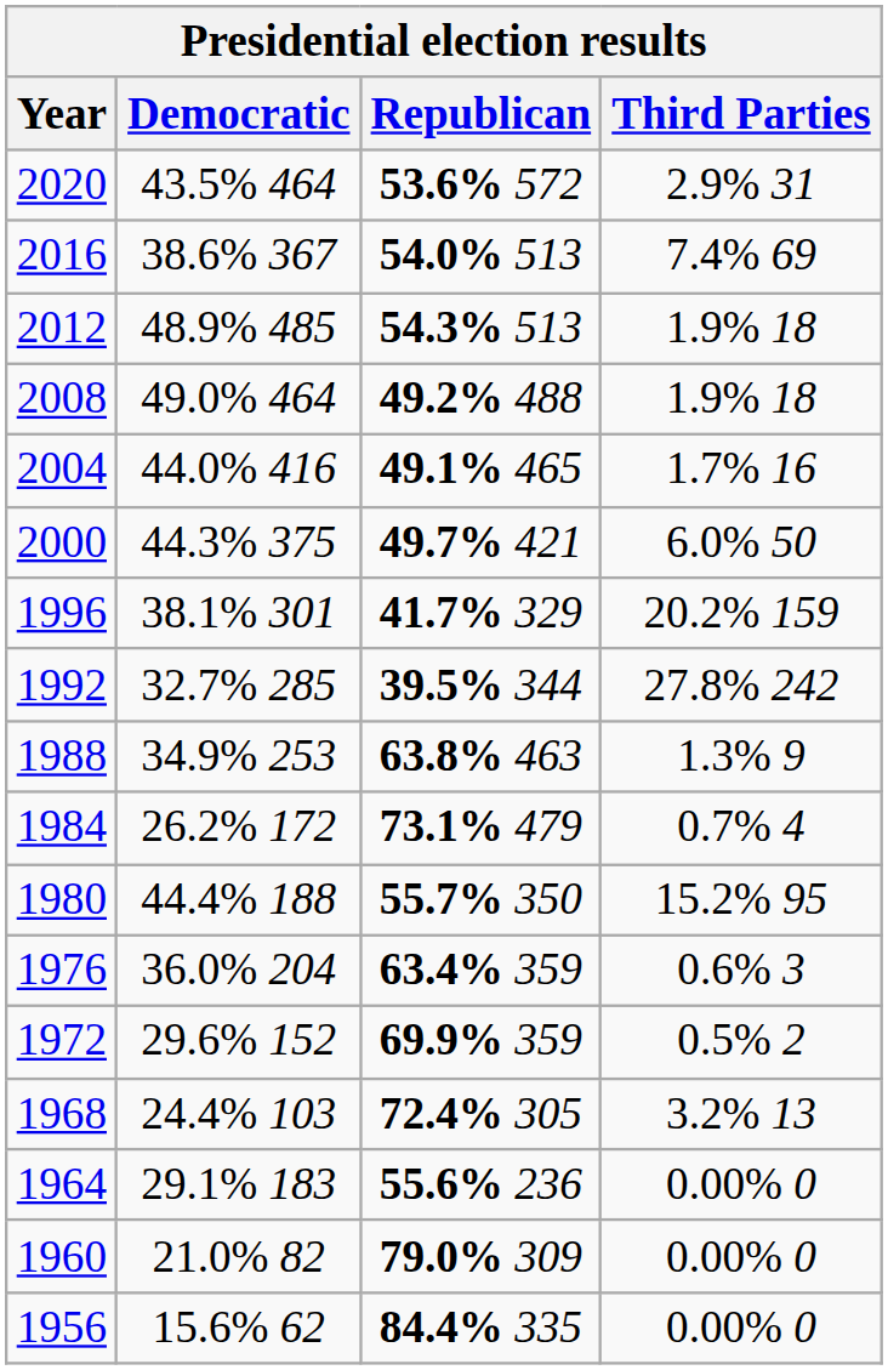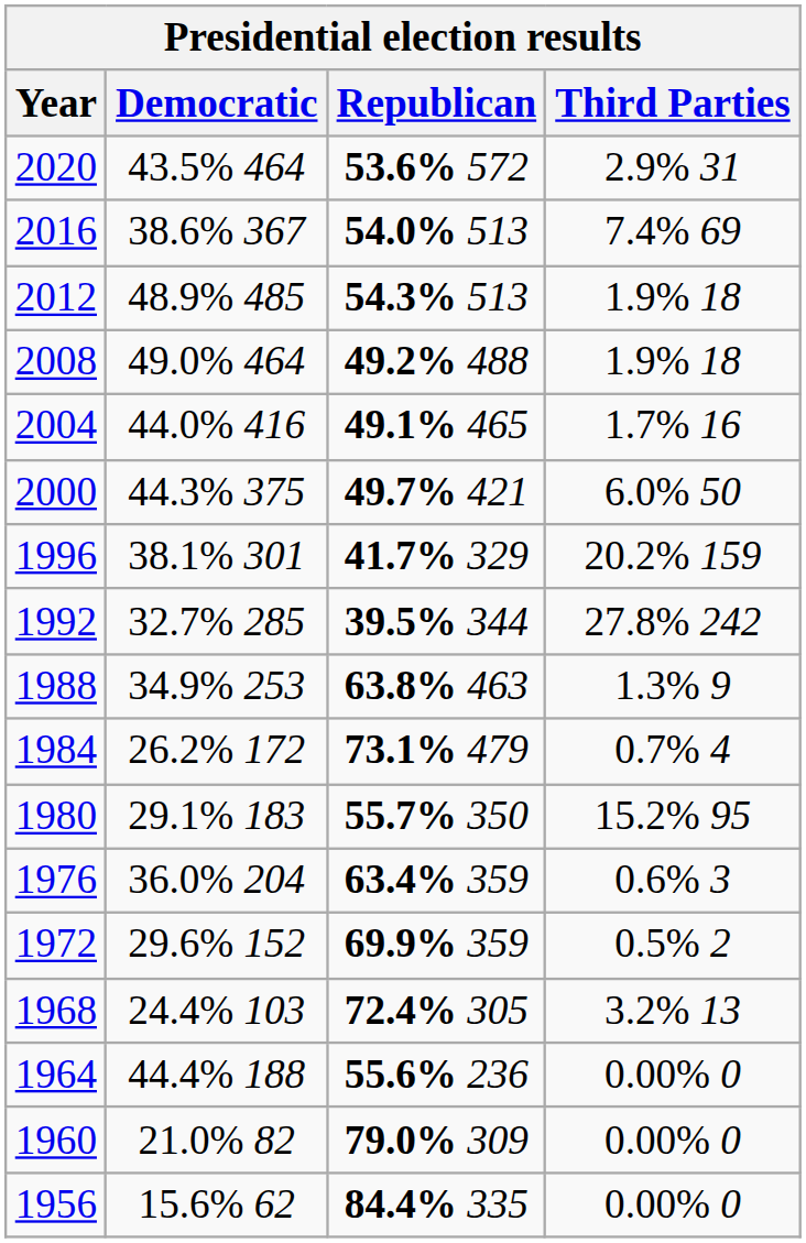 <table class="wikitable">
 <tr>
 <th colspan="4">Presidential election results</th>
 </tr>
 <tr>
 <th>Year</th>
 <th><a href='#'>Democratic</a></th>
 <th><a href='#'>Republican</a></th>
 <th><a href='#'>Third Parties</a></th>
 </tr>
 <tr>
 <td align="center" ><a href='#'>2020</a></td>
 <td align="center" >43.5% <em>464</em></td>
 <td align="center" ><strong>53.6%</strong> <em>572</em></td>
 <td align="center" >2.9% <em>31</em></td>
 </tr>
 <tr>
 <td align="center" ><a href='#'>2016</a></td>
 <td align="center" >38.6% <em>367</em></td>
 <td align="center" ><strong>54.0%</strong> <em>513</em></td>
 <td align="center" >7.4% <em>69</em></td>
 </tr>
 <tr>
 <td align="center" ><a href='#'>2012</a></td>
 <td align="center" >48.9% <em>485</em></td>
 <td align="center" ><strong>54.3%</strong> <em>513</em></td>
 <td align="center" >1.9% <em>18</em></td>
 </tr>
 <tr>
 <td align="center" ><a href='#'>2008</a></td>
 <td align="center" >49.0% <em>464</em></td>
 <td align="center" ><strong>49.2%</strong> <em>488</em></td>
 <td align="center" >1.9% <em>18</em></td>
 </tr>
 <tr>
 <td align="center" ><a href='#'>2004</a></td>
 <td align="center" >44.0% <em>416</em></td>
 <td align="center" ><strong>49.1%</strong> <em>465</em></td>
 <td align="center" >1.7% <em>16</em></td>
 </tr>
 <tr>
 <td align="center" ><a href='#'>2000</a></td>
 <td align="center" >44.3% <em>375</em></td>
 <td align="center" ><strong>49.7%</strong> <em>421</em></td>
 <td align="center" >6.0% <em>50</em></td>
 </tr>
 <tr>
 <td align="center" ><a href='#'>1996</a></td>
 <td align="center" >38.1% <em>301</em></td>
 <td align="center" ><strong>41.7%</strong> <em>329</em></td>
 <td align="center" >20.2% <em>159</em></td>
 </tr>
 <tr>
 <td align="center" ><a href='#'>1992</a></td>
 <td align="center" >32.7% <em>285</em></td>
 <td align="center" ><strong>39.5%</strong> <em>344</em></td>
 <td align="center" >27.8% <em>242</em></td>
 </tr>
 <tr>
 <td align="center" ><a href='#'>1988</a></td>
 <td align="center" >34.9% <em>253</em></td>
 <td align="center" ><strong>63.8%</strong> <em>463</em></td>
 <td align="center" >1.3% <em>9</em></td>
 </tr>
 <tr>
 <td align="center" ><a href='#'>1984</a></td>
 <td align="center" >26.2% <em>172</em></td>
 <td align="center" ><strong>73.1%</strong> <em>479</em></td>
 <td align="center" >0.7% <em>4</em></td>
 </tr>
 <tr>
 <td align="center" ><a href='#'>1980</a></td>
-<td align="center" >44.4% <em>188</em></td>
+<td align="center" >29.1% <em>183</em></td>
 <td align="center" ><strong>55.7%</strong> <em>350</em></td>
 <td align="center" >15.2% <em>95</em></td>
 </tr>
 <tr>
 <td align="center" ><a href='#'>1976</a></td>
 <td align="center" >36.0% <em>204</em></td>
 <td align="center" ><strong>63.4%</strong> <em>359</em></td>
 <td align="center" >0.6% <em>3</em></td>
 </tr>
 <tr>
 <td align="center" ><a href='#'>1972</a></td>
 <td align="center" >29.6% <em>152</em></td>
 <td align="center" ><strong>69.9%</strong> <em>359</em></td>
 <td align="center" >0.5% <em>2</em></td>
 </tr>
 <tr>
 <td align="center" ><a href='#'>1968</a></td>
 <td align="center" >24.4% <em>103</em></td>
 <td align="center" ><strong>72.4%</strong> <em>305</em></td>
 <td align="center" >3.2% <em>13</em></td>
 </tr>
 <tr>
 <td align="center" ><a href='#'>1964</a></td>
-<td align="center" >29.1% <em>183</em></td>
+<td align="center" >44.4% <em>188</em></td>
 <td align="center" ><strong>55.6%</strong> <em>236</em></td>
 <td align="center" >0.00% <em>0</em></td>
 </tr>
 <tr>
 <td align="center" ><a href='#'>1960</a></td>
 <td align="center" >21.0% <em>82</em></td>
 <td align="center" ><strong>79.0%</strong> <em>309</em></td>
 <td align="center" >0.00% <em>0</em></td>
 </tr>
 <tr>
 <td align="center" ><a href='#'>1956</a></td>
 <td align="center" >15.6% <em>62</em></td>
 <td align="center" ><strong>84.4%</strong> <em>335</em></td>
 <td align="center" >0.00% <em>0</em></td>
 </tr>
 </table>
